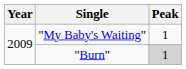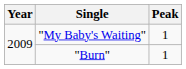 <table class="wikitable" style="text-align:center;">
 <tr>
 <th>Year</th>
 <th>Single</th>
 <th>Peak</th>
 </tr>
 <tr>
 <td rowspan="2">2009</td>
 <td>"<a href='#'>My Baby's Waiting</a>"</td>
 <td style="text-align:center;">1</td>
 </tr>
 <tr>
 <td>"<a href='#'>Burn</a>"</td>
-<td style="background: lightgrey; text-align:center;">1</td>
+<td style="text-align:center;">1</td>
 </tr>
 </table>
